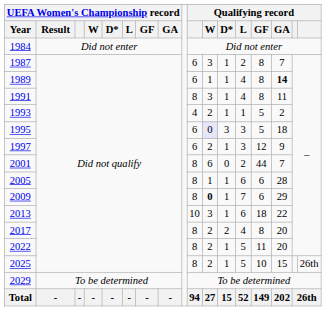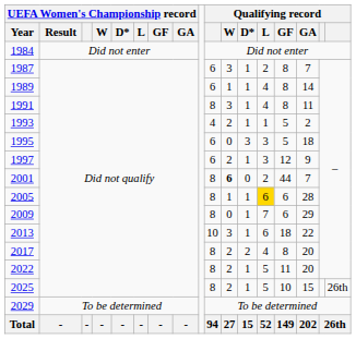 <table class="wikitable" style="text-align: center;">
 <tr>
 <th colspan=8><a href='#'>UEFA Women's Championship</a> record</th>
 <td rowspan=100></td>
 <th colspan=8>Qualifying record</th>
 </tr>
 <tr>
 <th>Year</th>
 <th>Result</th>
 <th></th>
 <th>W</th>
 <th>D*</th>
 <th>L</th>
 <th>GF</th>
 <th>GA<br></th>
 <th></th>
 <th>W</th>
 <th>D*</th>
 <th>L</th>
 <th>GF</th>
 <th>GA</th>
 <th></th>
 <th></th>
 </tr>
 <tr>
 <td> <a href='#'>1984</a></td>
 <td colspan=7><em>Did not enter</em></td>
 <td colspan=8><em>Did not enter</em></td>
 </tr>
 <tr>
 <td> <a href='#'>1987</a></td>
 <td colspan=7 rowspan=13><em>Did not qualify</em></td>
 <td>6</td>
 <td>3</td>
 <td>1</td>
 <td>2</td>
 <td>8</td>
 <td>7</td>
 <td colspan=2 rowspan=12>–</td>
 </tr>
 <tr>
 <td> <a href='#'>1989</a></td>
 <td>6</td>
 <td>1</td>
 <td>1</td>
 <td>4</td>
 <td>8</td>
-<td><strong>14</strong></td>
+<td>14</td>
 </tr>
 <tr>
 <td> <a href='#'>1991</a></td>
 <td>8</td>
 <td>3</td>
 <td>1</td>
 <td>4</td>
 <td>8</td>
 <td>11</td>
 </tr>
 <tr>
 <td> <a href='#'>1993</a></td>
 <td>4</td>
 <td>2</td>
 <td>1</td>
 <td>1</td>
 <td>5</td>
 <td>2</td>
 </tr>
 <tr>
 <td> <a href='#'>1995</a></td>
 <td>6</td>
-<td style="background: lavender;">0</td>
+<td>0</td>
 <td>3</td>
 <td>3</td>
 <td>5</td>
 <td>18</td>
 </tr>
 <tr>
 <td> <a href='#'>1997</a></td>
 <td>6</td>
 <td>2</td>
 <td>1</td>
 <td>3</td>
 <td>12</td>
 <td>9</td>
 </tr>
 <tr>
 <td> <a href='#'>2001</a></td>
 <td>8</td>
-<td>6</td>
+<td><strong>6</strong></td>
 <td>0</td>
 <td>2</td>
 <td>44</td>
 <td>7</td>
 </tr>
 <tr>
 <td> <a href='#'>2005</a></td>
 <td>8</td>
 <td>1</td>
 <td>1</td>
-<td>6</td>
+<td style="background: gold;">6</td>
 <td>6</td>
 <td>28</td>
 </tr>
 <tr>
 <td> <a href='#'>2009</a></td>
 <td>8</td>
-<td><strong>0</strong></td>
+<td>0</td>
 <td>1</td>
 <td>7</td>
 <td>6</td>
 <td>29</td>
 </tr>
 <tr>
 <td> <a href='#'>2013</a></td>
 <td>10</td>
 <td>3</td>
 <td>1</td>
 <td>6</td>
 <td>18</td>
 <td>22</td>
 </tr>
 <tr>
 <td> <a href='#'>2017</a></td>
 <td>8</td>
 <td>2</td>
 <td>2</td>
 <td>4</td>
 <td>8</td>
 <td>20</td>
 </tr>
 <tr>
 <td> <a href='#'>2022</a></td>
 <td>8</td>
 <td>2</td>
 <td>1</td>
 <td>5</td>
 <td>11</td>
 <td>20</td>
 </tr>
 <tr>
 <td> <a href='#'>2025</a></td>
 <td>8</td>
 <td>2</td>
 <td>1</td>
 <td>5</td>
 <td>10</td>
 <td>15</td>
 <td></td>
 <td>26th</td>
 </tr>
 <tr>
 <td><a href='#'>2029</a></td>
 <td colspan=8><em>To be determined</em></td>
 <td colspan=8><em>To be determined</em></td>
 </tr>
 <tr>
 <th>Total</th>
 <th>-</th>
 <th>-</th>
 <th>-</th>
 <th>-</th>
 <th>-</th>
 <th>-</th>
 <th>-</th>
 <th>94</th>
 <th>27</th>
 <th>15</th>
 <th>52</th>
 <th>149</th>
 <th>202</th>
 <th colspan=2>26th</th>
 </tr>
 </table>
